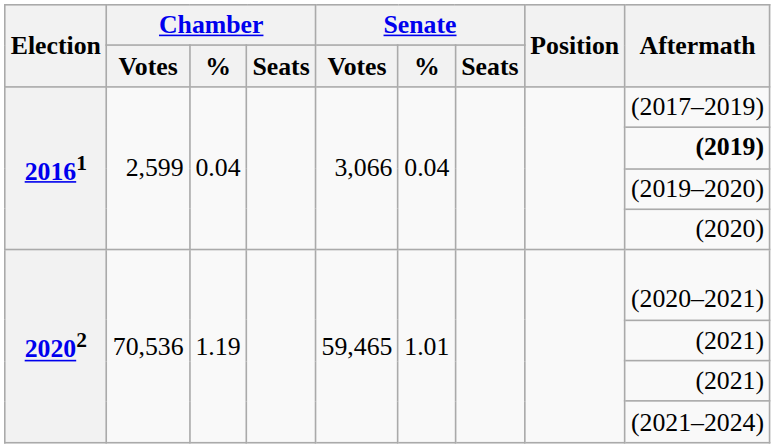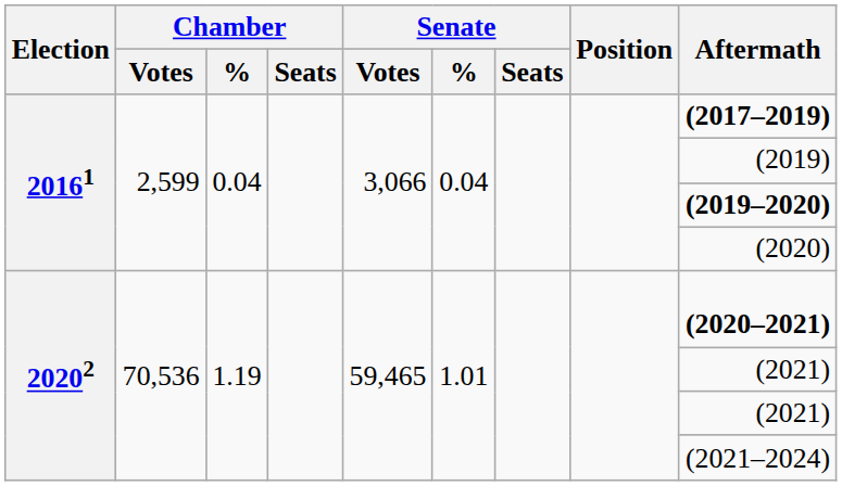 <table class="wikitable" style="text-align: right;">
 <tr>
 <th rowspan="2">Election</th>
 <th colspan="3"><a href='#'>Chamber</a></th>
 <th colspan="3"><a href='#'>Senate</a></th>
 <th rowspan="2">Position</th>
 <th rowspan="2">Aftermath</th>
 </tr>
 <tr>
 <th>Votes</th>
 <th>%</th>
 <th>Seats</th>
 <th>Votes</th>
 <th>%</th>
 <th>Seats</th>
 </tr>
 <tr>
 <th rowspan=4><a href='#'>2016</a><sup>1</sup></th>
 <td rowspan=4>2,599</td>
 <td rowspan=4>0.04</td>
 <td rowspan=4></td>
 <td rowspan=4>3,066</td>
 <td rowspan=4>0.04</td>
 <td rowspan=4></td>
 <td rowspan=4; style="text-align: center;"></td>
-<td> (2017–2019)</td>
+<td><strong> (2017–2019)</strong></td>
 </tr>
 <tr>
-<td><strong> (2019)</strong></td>
+<td> (2019)</td>
 </tr>
 <tr>
-<td> (2019–2020)</td>
+<td><strong> (2019–2020)</strong></td>
 </tr>
 <tr>
 <td> (2020)</td>
 </tr>
 <tr>
 <th rowspan=4><a href='#'>2020</a><sup>2</sup></th>
 <td rowspan=4>70,536</td>
 <td rowspan=4>1.19</td>
 <td rowspan=4></td>
 <td rowspan=4>59,465</td>
 <td rowspan=4>1.01</td>
 <td rowspan=4></td>
 <td rowspan=4; style="text-align: center;"></td>
-<td><br>(2020–2021)</td>
+<td><strong><br>(2020–2021)</strong></td>
 </tr>
 <tr>
 <td> (2021)</td>
 </tr>
 <tr>
 <td> (2021)</td>
 </tr>
 <tr>
 <td> (2021–2024)</td>
 </tr>
 </table>
